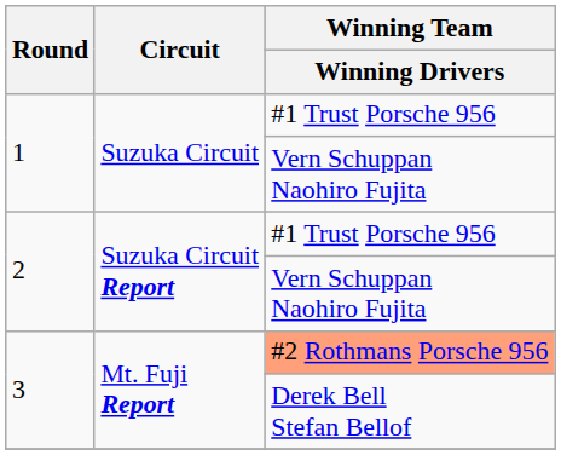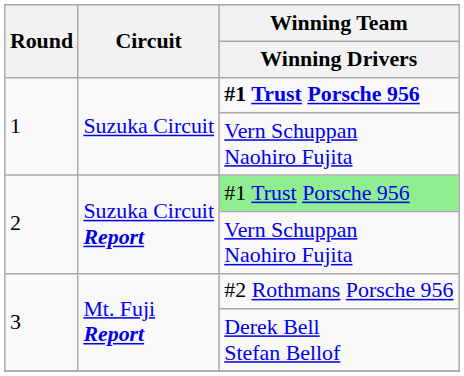 <table class="wikitable" style="font-size: 90%;">
 <tr>
 <th rowspan=2>Round</th>
 <th rowspan=2>Circuit</th>
 <th>Winning Team</th>
 </tr>
 <tr>
 <th>Winning Drivers</th>
 </tr>
 <tr>
 <td rowspan=2>1</td>
 <td rowspan=2><a href='#'>Suzuka Circuit</a></td>
-<td>#1 <a href='#'>Trust</a>  <a href='#'>Porsche 956</a></td>
+<td><strong>#1 <a href='#'>Trust</a>  <a href='#'>Porsche 956</a></strong></td>
 </tr>
 <tr>
 <td> <a href='#'>Vern Schuppan</a><br> <a href='#'>Naohiro Fujita</a></td>
 </tr>
 <tr>
 <td rowspan=2>2</td>
 <td rowspan=2><a href='#'>Suzuka Circuit</a><br><strong><em><a href='#'>Report</a></em></strong></td>
-<td>#1 <a href='#'>Trust</a>  <a href='#'>Porsche 956</a></td>
+<td style="background: lightgreen;">#1 <a href='#'>Trust</a>  <a href='#'>Porsche 956</a></td>
 </tr>
 <tr>
 <td> <a href='#'>Vern Schuppan</a><br> <a href='#'>Naohiro Fujita</a></td>
 </tr>
 <tr>
 <td rowspan=2>3</td>
 <td rowspan=2><a href='#'>Mt. Fuji</a><br><strong><em><a href='#'>Report</a></em></strong></td>
-<td style="background: lightsalmon;">#2 <a href='#'>Rothmans</a> <a href='#'>Porsche 956</a></td>
+<td>#2 <a href='#'>Rothmans</a> <a href='#'>Porsche 956</a></td>
 </tr>
 <tr>
 <td> <a href='#'>Derek Bell</a><br> <a href='#'>Stefan Bellof</a></td>
 </tr>
 <tr>
 </tr>
 </table>
